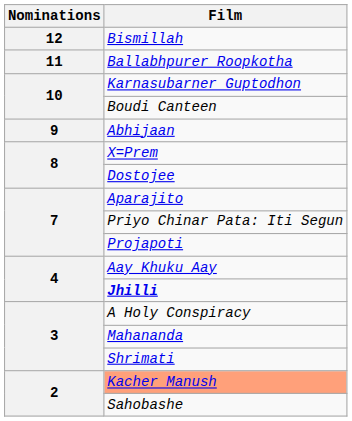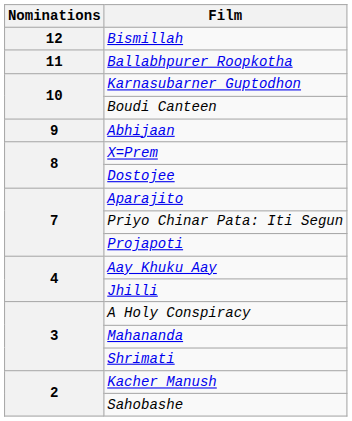 <table class="wikitable" style="display:inline-table;">
 <tr>
 <th>Nominations</th>
 <th>Film</th>
 </tr>
 <tr>
 <th>12</th>
 <td><em><a href='#'>Bismillah</a></em></td>
 </tr>
 <tr>
 <th>11</th>
 <td><em><a href='#'>Ballabhpurer Roopkotha</a></em></td>
 </tr>
 <tr>
 <th rowspan="2">10</th>
 <td><em><a href='#'>Karnasubarner Guptodhon</a></em></td>
 </tr>
 <tr>
 <td><em>Boudi Canteen</em></td>
 </tr>
 <tr>
 <th>9</th>
 <td><em><a href='#'>Abhijaan</a></em></td>
 </tr>
 <tr>
 <th rowspan="2">8</th>
 <td><em><a href='#'>X=Prem</a></em></td>
 </tr>
 <tr>
 <td><em><a href='#'>Dostojee</a></em></td>
 </tr>
 <tr>
 <th rowspan="3">7</th>
 <td><em><a href='#'>Aparajito</a></em></td>
 </tr>
 <tr>
 <td><em>Priyo Chinar Pata: Iti Segun</em></td>
 </tr>
 <tr>
 <td><em><a href='#'>Projapoti</a></em></td>
 </tr>
 <tr>
 <th rowspan="2">4</th>
 <td><em><a href='#'>Aay Khuku Aay</a></em></td>
 </tr>
 <tr>
-<td><strong><em><a href='#'>Jhilli</a></em></strong></td>
+<td><em><a href='#'>Jhilli</a></em></td>
 </tr>
 <tr>
 <th rowspan="3">3</th>
 <td><em>A Holy Conspiracy</em></td>
 </tr>
 <tr>
 <td><em><a href='#'>Mahananda</a></em></td>
 </tr>
 <tr>
 <td><em><a href='#'>Shrimati</a></em></td>
 </tr>
 <tr>
 <th rowspan="2">2</th>
-<td style="background: lightsalmon;"><em><a href='#'>Kacher Manush</a></em></td>
+<td><em><a href='#'>Kacher Manush</a></em></td>
 </tr>
 <tr>
 <td><em>Sahobashe</em></td>
 </tr>
 </table>
